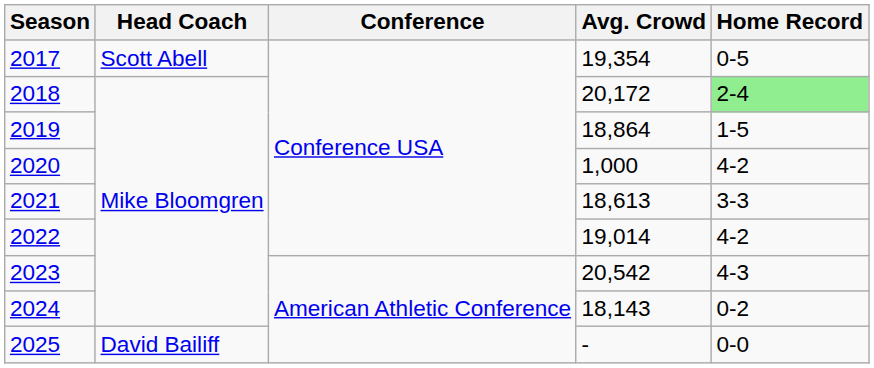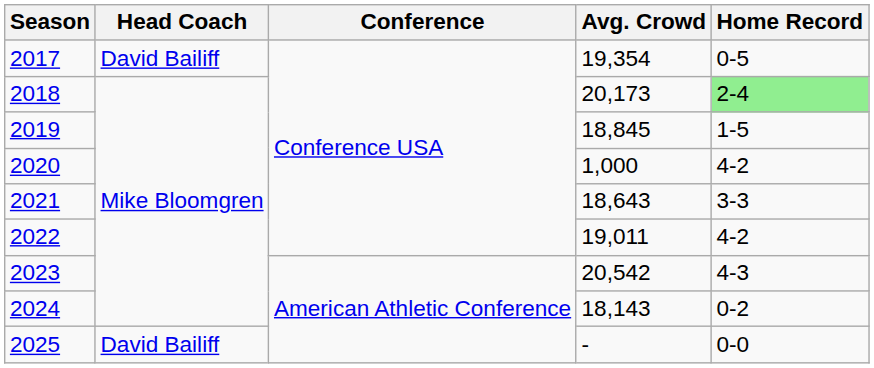 <table class="wikitable">
 <tr>
 <th>Season</th>
 <th>Head Coach</th>
 <th>Conference</th>
 <th>Avg. Crowd</th>
 <th>Home Record</th>
 </tr>
 <tr>
 <td><a href='#'>2017</a></td>
-<td><a href='#'>Scott Abell</a></td>
+<td><a href='#'>David Bailiff</a></td>
 <td rowspan=6><a href='#'>Conference USA</a></td>
 <td>19,354</td>
 <td>0-5</td>
 </tr>
 <tr>
 <td><a href='#'>2018</a></td>
 <td rowspan=7><a href='#'>Mike Bloomgren</a></td>
-<td>20,172</td>
+<td>20,173</td>
 <td style="background: lightgreen;">2-4</td>
 </tr>
 <tr>
 <td><a href='#'>2019</a></td>
-<td>18,864</td>
+<td>18,845</td>
 <td>1-5</td>
 </tr>
 <tr>
 <td><a href='#'>2020</a></td>
 <td>1,000</td>
 <td>4-2</td>
 </tr>
 <tr>
 <td><a href='#'>2021</a></td>
-<td>18,613</td>
+<td>18,643</td>
 <td>3-3</td>
 </tr>
 <tr>
 <td><a href='#'>2022</a></td>
-<td>19,014</td>
+<td>19,011</td>
 <td>4-2</td>
 </tr>
 <tr>
 <td><a href='#'>2023</a></td>
 <td rowspan=3><a href='#'>American Athletic Conference</a></td>
 <td>20,542</td>
 <td>4-3</td>
 </tr>
 <tr>
 <td><a href='#'>2024</a></td>
 <td>18,143</td>
 <td>0-2</td>
 </tr>
 <tr>
 <td><a href='#'>2025</a></td>
 <td><a href='#'>David Bailiff</a></td>
 <td>-</td>
 <td>0-0</td>
 </tr>
 </table>
